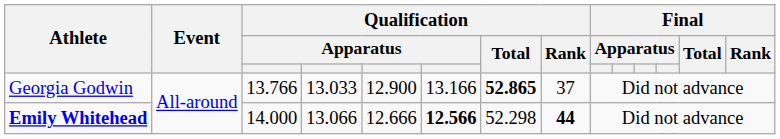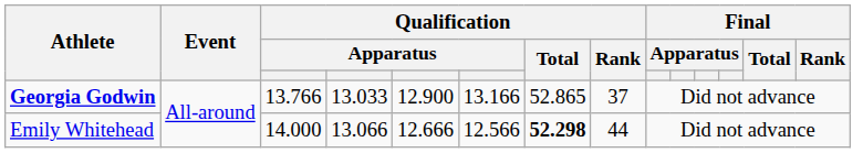 <table class=wikitable style=font-size:90%;text-align:center>
 <tr>
 <th rowspan=3>Athlete</th>
 <th rowspan=3>Event</th>
 <th colspan=6>Qualification</th>
 <th colspan=6>Final</th>
 </tr>
 <tr style=font-size:95%>
 <th colspan=4>Apparatus</th>
 <th rowspan=2>Total</th>
 <th rowspan=2>Rank</th>
 <th colspan=4>Apparatus</th>
 <th rowspan=2>Total</th>
 <th rowspan=2>Rank</th>
 </tr>
 <tr style=font-size:95%>
 <th></th>
 <th></th>
 <th></th>
 <th></th>
 <th></th>
 <th></th>
 <th></th>
 <th></th>
 </tr>
 <tr>
-<td align=left><a href='#'>Georgia Godwin</a></td>
+<td align=left><strong><a href='#'>Georgia Godwin</a></strong></td>
 <td align=left rowspan=2><a href='#'>All-around</a></td>
 <td>13.766</td>
 <td>13.033</td>
 <td>12.900</td>
 <td>13.166</td>
-<td><strong>52.865</strong></td>
+<td>52.865</td>
 <td>37</td>
 <td colspan="6">Did not advance</td>
 </tr>
 <tr>
-<td align=left><strong><a href='#'>Emily Whitehead</a></strong></td>
+<td align=left><a href='#'>Emily Whitehead</a></td>
 <td>14.000</td>
 <td>13.066</td>
 <td>12.666</td>
-<td><strong>12.566</strong></td>
-<td>52.298</td>
-<td><strong>44</strong></td>
+<td>12.566</td>
+<td><strong>52.298</strong></td>
+<td>44</td>
 <td colspan="6">Did not advance</td>
 </tr>
 </table>
